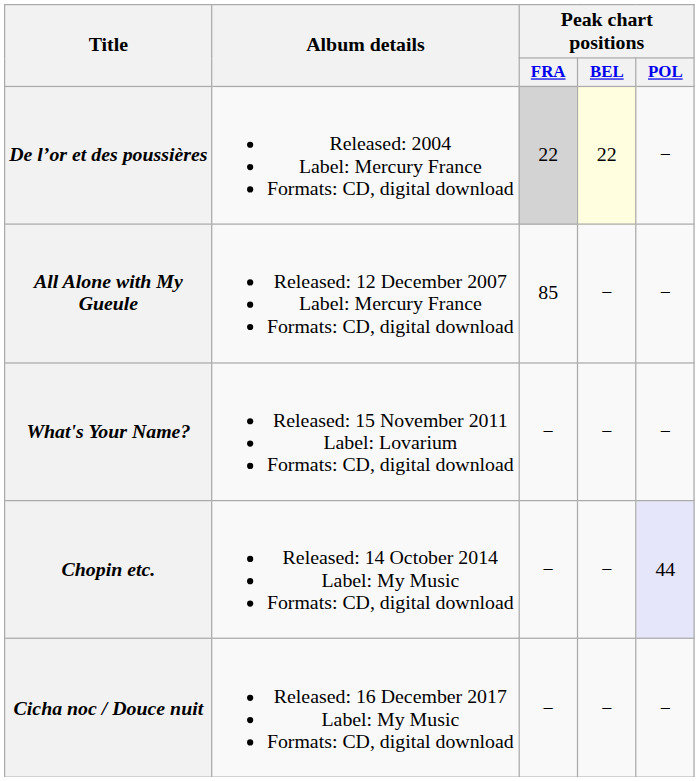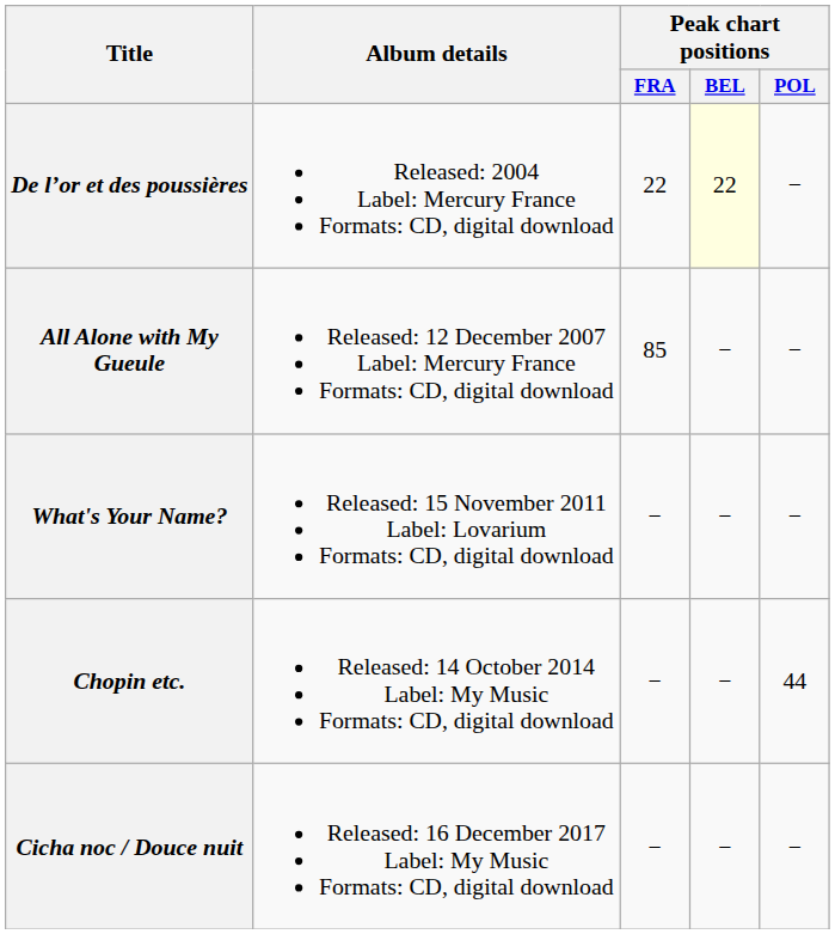 <table class="wikitable plainrowheaders" style="text-align:center;">
 <tr>
 <th scope="col" rowspan="2" style="width:10em;">Title</th>
 <th scope="col" rowspan="2" style="width:15em;">Album details</th>
 <th scope="col" colspan="3">Peak chart positions</th>
 </tr>
 <tr>
 <th scope="col" style="width:3em;font-size:85%;"><a href='#'>FRA</a></th>
 <th scope="col" style="width:3em;font-size:85%;"><a href='#'>BEL</a></th>
 <th scope="col" style="width:3em;font-size:85%;"><a href='#'>POL</a></th>
 </tr>
 <tr>
 <th scope="row"><em>De l’or et des poussières</em></th>
 <td><br><ul><li>Released: 2004</li><li>Label: Mercury France</li><li>Formats: CD, digital download</li></ul></td>
-<td style="background: lightgrey;">22</td>
+<td>22</td>
 <td style="background: lightyellow;">22</td>
 <td>−</td>
 </tr>
 <tr>
 <th scope="row"><em>All Alone with My Gueule</em></th>
 <td><br><ul><li>Released: 12 December 2007</li><li>Label: Mercury France</li><li>Formats: CD, digital download</li></ul></td>
 <td>85</td>
 <td>−</td>
 <td>−</td>
 </tr>
 <tr>
 <th scope="row"><em>What's Your Name?</em></th>
 <td><br><ul><li>Released: 15 November 2011</li><li>Label: Lovarium</li><li>Formats: CD, digital download</li></ul></td>
 <td>−</td>
 <td>−</td>
 <td>−</td>
 </tr>
 <tr>
 <th scope="row"><em>Chopin etc.</em></th>
 <td><br><ul><li>Released: 14 October 2014</li><li>Label: My Music</li><li>Formats: CD, digital download</li></ul></td>
 <td>−</td>
 <td>−</td>
-<td style="background: lavender;">44</td>
+<td>44</td>
 </tr>
 <tr>
 <th scope="row"><em>Cicha noc / Douce nuit</em></th>
 <td><br><ul><li>Released: 16 December 2017</li><li>Label: My Music</li><li>Formats: CD, digital download</li></ul></td>
 <td>−</td>
 <td>−</td>
 <td>−</td>
 </tr>
 </table>
